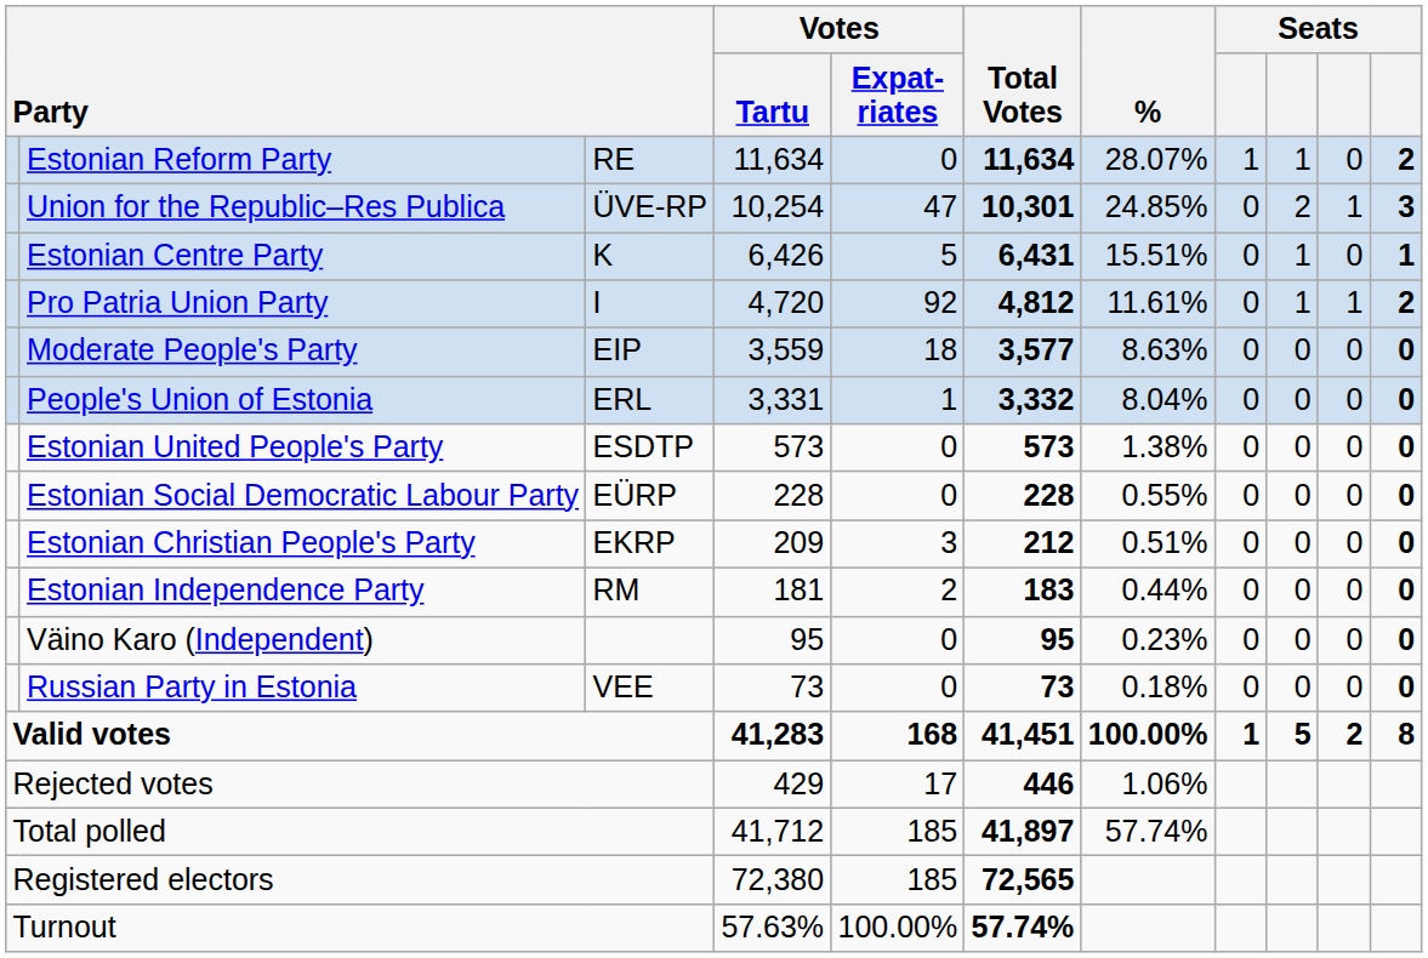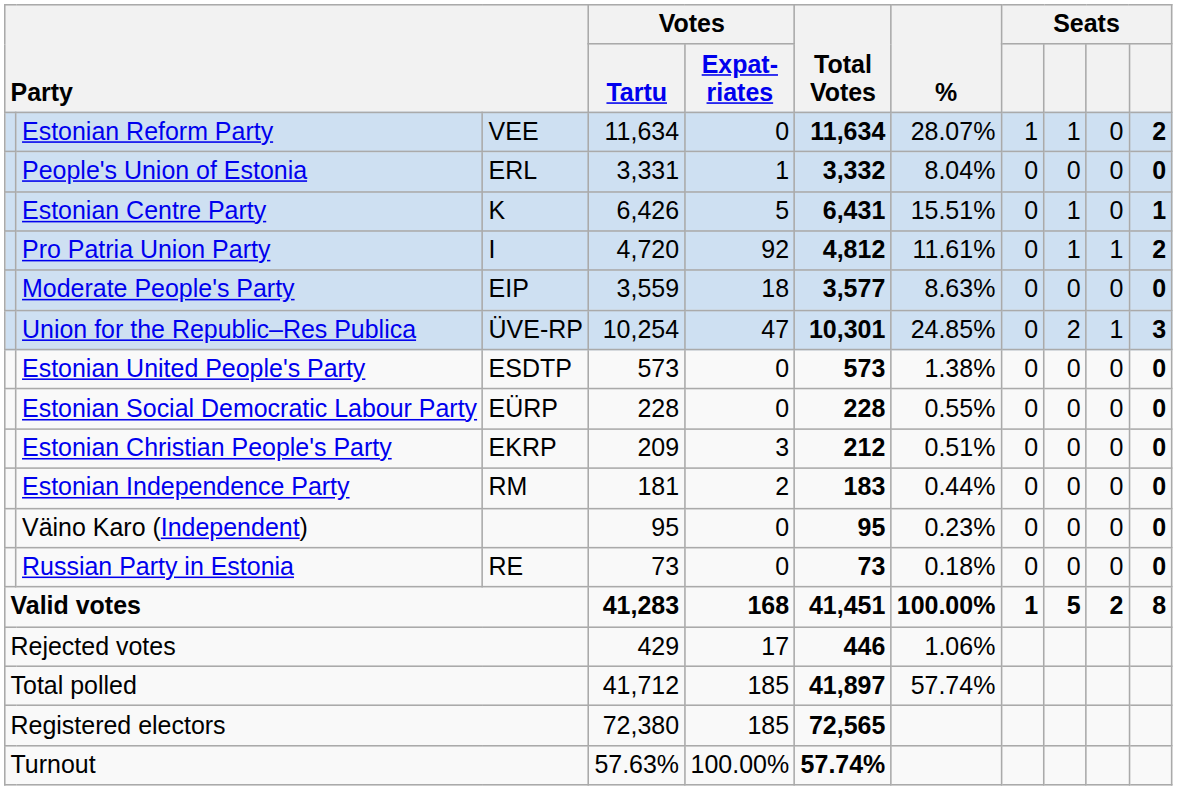 <table class="wikitable" border="1" style="text-align:right;">
 <tr>
 <th style="text-align:left;" valign=bottom rowspan=2 colspan=3>Party</th>
 <th colspan=2>Votes</th>
 <th align=center valign=bottom rowspan=2 width="50">Total Votes</th>
 <th align=center valign=bottom rowspan=2 width="50">%</th>
 <th colspan=4>Seats</th>
 </tr>
 <tr>
 <th align=center valign=bottom width="50"><a href='#'>Tartu</a></th>
 <th align=center valign=bottom width="50"><a href='#'>Expat- riates</a></th>
 <th align=center valign=bottom width="20"><small></small></th>
 <th align=center valign=bottom width="20"><small></small></th>
 <th align=center valign=bottom width="20"><small></small></th>
 <th align=center valign=bottom width="20"><small></small></th>
 </tr>
 <tr style="background:#CEE0F2;">
 <td style="background:"></td>
 <td align=left><a href='#'>Estonian Reform Party</a></td>
-<td align=left>RE</td>
+<td align=left>VEE</td>
 <td>11,634</td>
 <td>0</td>
 <td><strong>11,634</strong></td>
 <td>28.07%</td>
 <td>1</td>
 <td>1</td>
 <td>0</td>
 <td><strong>2</strong></td>
 </tr>
 <tr style="background:#CEE0F2;">
 <td style="background:"></td>
-<td align=left><a href='#'>Union for the Republic–Res Publica</a></td>
-<td align=left>ÜVE-RP</td>
-<td>10,254</td>
-<td>47</td>
-<td><strong>10,301</strong></td>
-<td>24.85%</td>
+<td align=left><a href='#'>People's Union of Estonia</a></td>
+<td align=left>ERL</td>
+<td>3,331</td>
+<td>1</td>
+<td><strong>3,332</strong></td>
+<td>8.04%</td>
 <td>0</td>
-<td>2</td>
-<td>1</td>
-<td><strong>3</strong></td>
+<td>0</td>
+<td>0</td>
+<td><strong>0</strong></td>
 </tr>
 <tr style="background:#CEE0F2;">
 <td style="background:"></td>
 <td align=left><a href='#'>Estonian Centre Party</a></td>
 <td align=left>K</td>
 <td>6,426</td>
 <td>5</td>
 <td><strong>6,431</strong></td>
 <td>15.51%</td>
 <td>0</td>
 <td>1</td>
 <td>0</td>
 <td><strong>1</strong></td>
 </tr>
 <tr style="background:#CEE0F2;">
 <td style="background:"></td>
 <td align=left><a href='#'>Pro Patria Union Party</a></td>
 <td align=left>I</td>
 <td>4,720</td>
 <td>92</td>
 <td><strong>4,812</strong></td>
 <td>11.61%</td>
 <td>0</td>
 <td>1</td>
 <td>1</td>
 <td><strong>2</strong></td>
 </tr>
 <tr style="background:#CEE0F2;">
 <td style="background:"></td>
 <td align=left><a href='#'>Moderate People's Party</a></td>
 <td align=left>EIP</td>
 <td>3,559</td>
 <td>18</td>
 <td><strong>3,577</strong></td>
 <td>8.63%</td>
 <td>0</td>
 <td>0</td>
 <td>0</td>
 <td><strong>0</strong></td>
 </tr>
 <tr style="background:#CEE0F2;">
 <td style="background:"></td>
-<td align=left><a href='#'>People's Union of Estonia</a></td>
-<td align=left>ERL</td>
-<td>3,331</td>
+<td align=left><a href='#'>Union for the Republic–Res Publica</a></td>
+<td align=left>ÜVE-RP</td>
+<td>10,254</td>
+<td>47</td>
+<td><strong>10,301</strong></td>
+<td>24.85%</td>
+<td>0</td>
+<td>2</td>
 <td>1</td>
-<td><strong>3,332</strong></td>
-<td>8.04%</td>
-<td>0</td>
-<td>0</td>
-<td>0</td>
-<td><strong>0</strong></td>
+<td><strong>3</strong></td>
 </tr>
 <tr>
 <td style="background:"></td>
 <td align=left><a href='#'>Estonian United People's Party</a></td>
 <td align=left>ESDTP</td>
 <td>573</td>
 <td>0</td>
 <td><strong>573</strong></td>
 <td>1.38%</td>
 <td>0</td>
 <td>0</td>
 <td>0</td>
 <td><strong>0</strong></td>
 </tr>
 <tr>
 <td style="background:"></td>
 <td align=left><a href='#'>Estonian Social Democratic Labour Party</a></td>
 <td align=left>EÜRP</td>
 <td>228</td>
 <td>0</td>
 <td><strong>228</strong></td>
 <td>0.55%</td>
 <td>0</td>
 <td>0</td>
 <td>0</td>
 <td><strong>0</strong></td>
 </tr>
 <tr>
 <td style="background:"></td>
 <td align=left><a href='#'>Estonian Christian People's Party</a></td>
 <td align=left>EKRP</td>
 <td>209</td>
 <td>3</td>
 <td><strong>212</strong></td>
 <td>0.51%</td>
 <td>0</td>
 <td>0</td>
 <td>0</td>
 <td><strong>0</strong></td>
 </tr>
 <tr>
 <td style="background:"></td>
 <td align=left><a href='#'>Estonian Independence Party</a></td>
 <td align=left>RM</td>
 <td>181</td>
 <td>2</td>
 <td><strong>183</strong></td>
 <td>0.44%</td>
 <td>0</td>
 <td>0</td>
 <td>0</td>
 <td><strong>0</strong></td>
 </tr>
 <tr>
 <td style="background:"></td>
 <td align=left>Väino Karo (<a href='#'>Independent</a>)</td>
 <td></td>
 <td>95</td>
 <td>0</td>
 <td><strong>95</strong></td>
 <td>0.23%</td>
 <td>0</td>
 <td>0</td>
 <td>0</td>
 <td><strong>0</strong></td>
 </tr>
 <tr>
 <td></td>
 <td align=left><a href='#'>Russian Party in Estonia</a></td>
-<td align=left>VEE</td>
+<td align=left>RE</td>
 <td>73</td>
 <td>0</td>
 <td><strong>73</strong></td>
 <td>0.18%</td>
 <td>0</td>
 <td>0</td>
 <td>0</td>
 <td><strong>0</strong></td>
 </tr>
 <tr style="font-weight:bold">
 <td align=left colspan=3>Valid votes</td>
 <td>41,283</td>
 <td>168</td>
 <td>41,451</td>
 <td>100.00%</td>
 <td>1</td>
 <td>5</td>
 <td>2</td>
 <td>8</td>
 </tr>
 <tr>
 <td align=left colspan=3>Rejected votes</td>
 <td>429</td>
 <td>17</td>
 <td><strong>446</strong></td>
 <td>1.06%</td>
 <td></td>
 <td></td>
 <td></td>
 <td></td>
 </tr>
 <tr>
 <td align=left colspan=3>Total polled</td>
 <td>41,712</td>
 <td>185</td>
 <td><strong>41,897</strong></td>
 <td>57.74%</td>
 <td></td>
 <td></td>
 <td></td>
 <td></td>
 </tr>
 <tr>
 <td align=left colspan=3>Registered electors</td>
 <td>72,380</td>
 <td>185</td>
 <td><strong>72,565</strong></td>
 <td></td>
 <td></td>
 <td></td>
 <td></td>
 <td></td>
 </tr>
 <tr>
 <td align=left colspan=3>Turnout</td>
 <td>57.63%</td>
 <td>100.00%</td>
 <td><strong>57.74%</strong></td>
 <td></td>
 <td></td>
 <td></td>
 <td></td>
 <td></td>
 </tr>
 </table>
